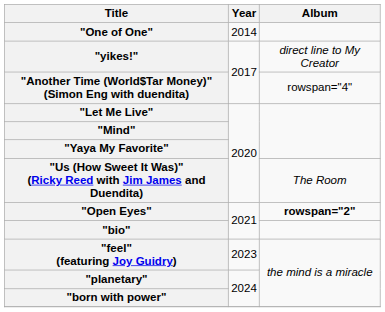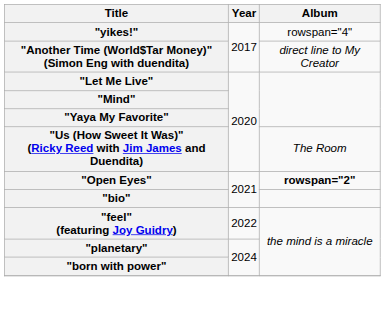 <table class="wikitable plainrowheaders" style="text-align:center">
 <tr>
 <th scope="col" style="width:19em;">Title</th>
 <th scope="col" style="width:1em;">Year</th>
 <th scope="col" style="width:10em;">Album</th>
 </tr>
 <tr>
-<th scope="row">"One of One"</th>
-<td>2014</td>
-<td></td>
-</tr>
-<tr>
 <th scope="row">"yikes!"</th>
 <td rowspan="2">2017</td>
-<td><em>direct line to My Creator</em></td>
+<td>rowspan="4" </td>
 </tr>
 <tr>
 <th scope="row">"Another Time (World$Tar Money)"<br>(Simon Eng with duendita)</th>
-<td>rowspan="4" </td>
+<td><em>direct line to My Creator</em></td>
 </tr>
 <tr>
 <th scope="row">"Let Me Live"</th>
 <td rowspan="4">2020</td>
 </tr>
 <tr>
 <th scope="row">"Mind"</th>
 </tr>
 <tr>
 <th scope="row">"Yaya My Favorite"</th>
 </tr>
 <tr>
 <th scope="row">"Us (How Sweet It Was)"<br>(<a href='#'>Ricky Reed</a> with <a href='#'>Jim James</a> and Duendita)</th>
 <td><em>The Room</em></td>
 </tr>
 <tr>
 <th scope="row">"Open Eyes"</th>
 <td rowspan="2">2021</td>
 <td><strong>rowspan="2" </strong></td>
 </tr>
 <tr>
 <th scope="row">"bio"</th>
 </tr>
 <tr>
 <th scope="row">"feel"<br>(featuring <a href='#'>Joy Guidry</a>)</th>
-<td>2023</td>
+<td>2022</td>
 <td rowspan="3"><em>the mind is a miracle</em></td>
 </tr>
 <tr>
 <th scope="row">"planetary"</th>
 <td rowspan="2">2024</td>
 </tr>
 <tr>
 <th scope="row">"born with power"</th>
 </tr>
 <tr>
 </tr>
 </table>
